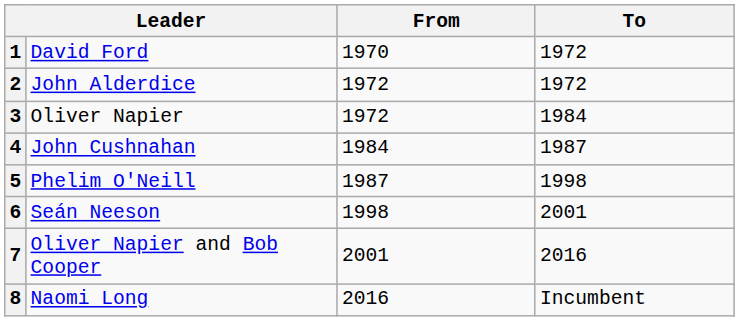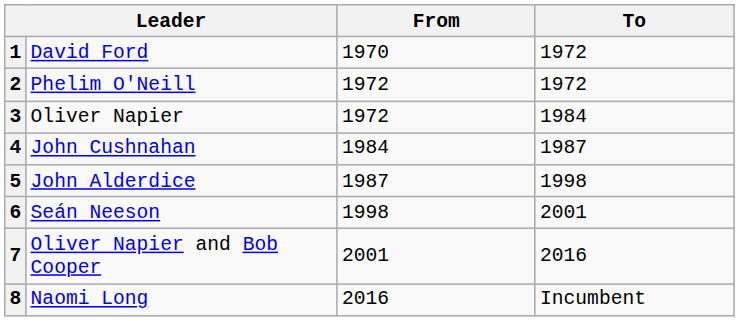 <table class="wikitable">
 <tr>
 <th colspan=2>Leader</th>
 <th>From</th>
 <th>To</th>
 </tr>
 <tr>
 <th style="background:">1</th>
 <td><a href='#'>David Ford</a></td>
 <td style="width:125px;">1970</td>
 <td style="width:125px;">1972</td>
 </tr>
 <tr>
 <th style="background:">2</th>
-<td><a href='#'>John Alderdice</a></td>
+<td style="width:200px;"><a href='#'>Phelim O'Neill</a></td>
 <td style="width:125px;">1972</td>
 <td style="width:125px;">1972</td>
 </tr>
 <tr>
 <th style="background:">3</th>
 <td>Oliver Napier</td>
 <td>1972</td>
 <td>1984</td>
 </tr>
 <tr>
 <th style="background:">4</th>
 <td><a href='#'>John Cushnahan</a></td>
 <td>1984</td>
 <td>1987</td>
 </tr>
 <tr>
 <th style="background:">5</th>
-<td style="width:200px;"><a href='#'>Phelim O'Neill</a></td>
+<td><a href='#'>John Alderdice</a></td>
 <td>1987</td>
 <td>1998</td>
 </tr>
 <tr>
 <th style="background:">6</th>
 <td><a href='#'>Seán Neeson</a></td>
 <td>1998</td>
 <td>2001</td>
 </tr>
 <tr>
 <th style="background:">7</th>
 <td style="width:200px;"><a href='#'>Oliver Napier</a> and <a href='#'>Bob Cooper</a></td>
 <td>2001</td>
 <td>2016</td>
 </tr>
 <tr>
 <th style="background:">8</th>
 <td><a href='#'>Naomi Long</a></td>
 <td>2016</td>
 <td>Incumbent</td>
 </tr>
 </table>
